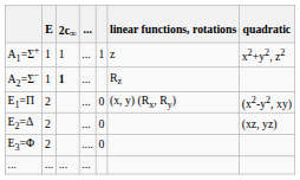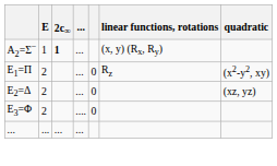 <table class="wikitable">
 <tr>
 <th></th>
 <th><br>E</th>
 <th><br>2c<sub>∞</sub><sup></sup></th>
 <th><br>...</th>
 <th><br></th>
 <th><br>linear functions, rotations</th>
 <th><br>quadratic</th>
 </tr>
 <tr>
-<td>A<sub>1</sub>=Σ<sup>+</sup></td>
-<td>1</td>
-<td>1</td>
-<td>...</td>
-<td>1</td>
-<td>z</td>
-<td>x<sup>2</sup>+y<sup>2</sup>, z<sup>2</sup></td>
-</tr>
-<tr>
 <td>A<sub>2</sub>=Σ<sup>−</sup></td>
 <td>1</td>
 <td><strong>1</strong></td>
 <td>...</td>
 <td></td>
-<td>R<sub>z</sub></td>
+<td>(x, y) (R<sub>x</sub>, R<sub>y</sub>)</td>
 <td></td>
 </tr>
 <tr>
 <td>E<sub>1</sub>=Π</td>
 <td>2</td>
 <td></td>
 <td>...</td>
 <td>0</td>
-<td>(x, y) (R<sub>x</sub>, R<sub>y</sub>)</td>
+<td>R<sub>z</sub></td>
 <td>(x<sup>2</sup>-y<sup>2</sup>, xy)</td>
 </tr>
 <tr>
 <td>E<sub>2</sub>=Δ</td>
 <td>2</td>
 <td></td>
 <td>...</td>
 <td>0</td>
 <td></td>
 <td>(xz, yz)</td>
 </tr>
 <tr>
 <td>E<sub>3</sub>=Φ</td>
 <td>2</td>
 <td></td>
 <td>....</td>
 <td>0</td>
 <td></td>
 <td></td>
 </tr>
 <tr>
 <td>...</td>
 <td>...</td>
 <td>...</td>
 <td>...</td>
 <td></td>
 <td></td>
 <td></td>
 </tr>
 </table>
